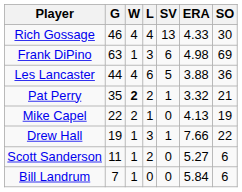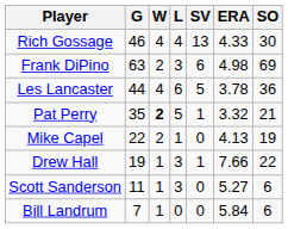 <table class="wikitable sortable" style="text-align:center">
 <tr>
 <th>Player</th>
 <th>G</th>
 <th>W</th>
 <th>L</th>
 <th>SV</th>
 <th>ERA</th>
 <th>SO</th>
 </tr>
 <tr>
 <td><a href='#'>Rich Gossage</a></td>
 <td>46</td>
 <td>4</td>
 <td>4</td>
 <td>13</td>
 <td>4.33</td>
 <td>30</td>
 </tr>
 <tr>
 <td><a href='#'>Frank DiPino</a></td>
 <td>63</td>
-<td>1</td>
+<td>2</td>
 <td>3</td>
 <td>6</td>
 <td>4.98</td>
 <td>69</td>
 </tr>
 <tr>
 <td><a href='#'>Les Lancaster</a></td>
 <td>44</td>
 <td>4</td>
 <td>6</td>
 <td>5</td>
-<td>3.88</td>
+<td>3.78</td>
 <td>36</td>
 </tr>
 <tr>
 <td><a href='#'>Pat Perry</a></td>
 <td>35</td>
 <td><strong>2</strong></td>
-<td>2</td>
+<td>5</td>
 <td>1</td>
 <td>3.32</td>
 <td>21</td>
 </tr>
 <tr>
 <td><a href='#'>Mike Capel</a></td>
 <td>22</td>
 <td>2</td>
 <td>1</td>
 <td>0</td>
 <td>4.13</td>
 <td>19</td>
 </tr>
 <tr>
 <td><a href='#'>Drew Hall</a></td>
 <td>19</td>
 <td>1</td>
 <td>3</td>
 <td>1</td>
 <td>7.66</td>
 <td>22</td>
 </tr>
 <tr>
 <td><a href='#'>Scott Sanderson</a></td>
 <td>11</td>
 <td>1</td>
-<td>2</td>
+<td>3</td>
 <td>0</td>
 <td>5.27</td>
 <td>6</td>
 </tr>
 <tr>
 <td><a href='#'>Bill Landrum</a></td>
 <td>7</td>
 <td>1</td>
 <td>0</td>
 <td>0</td>
 <td>5.84</td>
 <td>6</td>
 </tr>
 </table>
